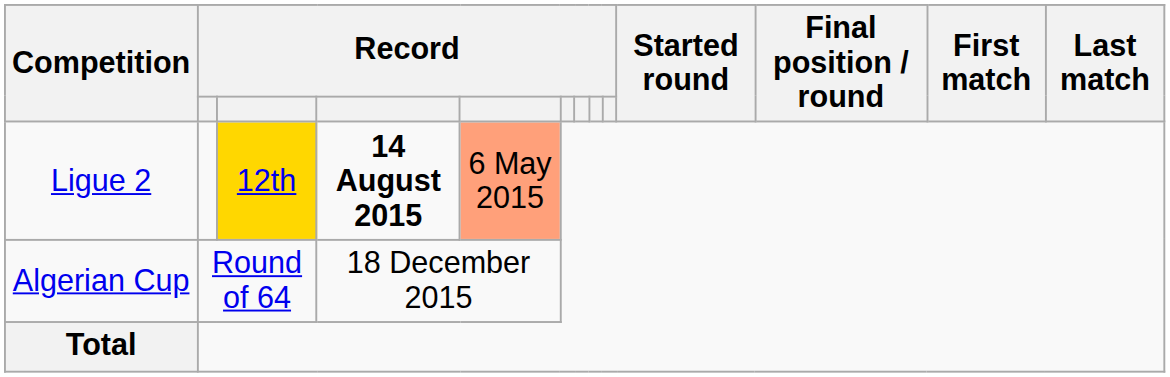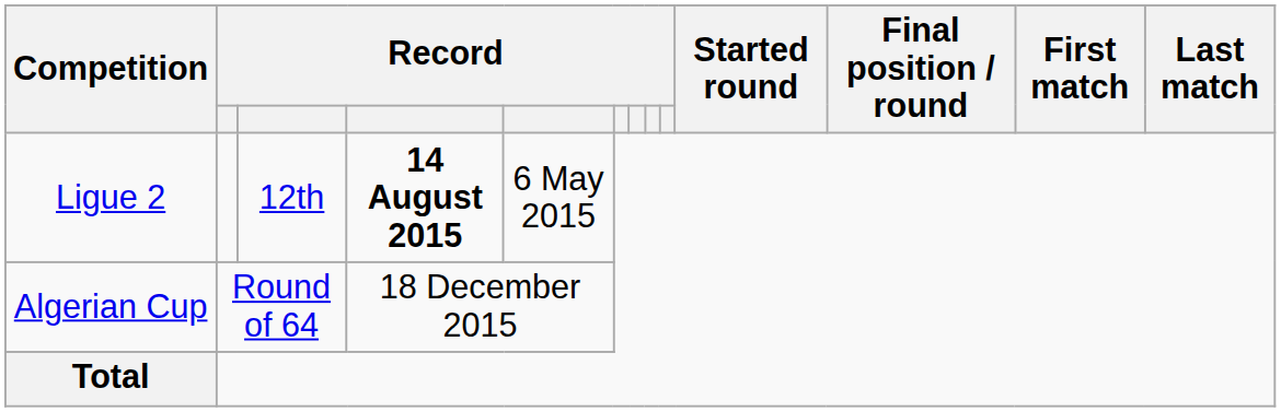 <table class="wikitable" style="text-align: center">
 <tr>
 <th rowspan=2>Competition</th>
 <th colspan=8>Record</th>
 <th rowspan=2>Started round</th>
 <th rowspan=2>Final position / round</th>
 <th rowspan=2>First match</th>
 <th rowspan=2>Last match</th>
 </tr>
 <tr>
 <th></th>
 <th></th>
 <th></th>
 <th></th>
 <th></th>
 <th></th>
 <th></th>
 <th></th>
 </tr>
 <tr>
 <td><a href='#'>Ligue 2</a><br></td>
 <td></td>
-<td style="background: gold;"><a href='#'>12th</a></td>
+<td><a href='#'>12th</a></td>
 <td><strong>14 August 2015</strong></td>
-<td style="background: lightsalmon;">6 May 2015</td>
+<td>6 May 2015</td>
 </tr>
 <tr>
 <td><a href='#'>Algerian Cup</a><br></td>
 <td colspan=2><a href='#'>Round of 64</a></td>
 <td colspan=2>18 December 2015</td>
 </tr>
 <tr>
 <th>Total<br></th>
 </tr>
 </table>
